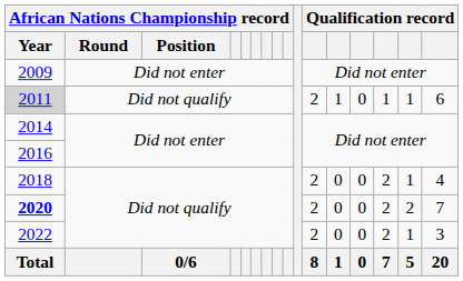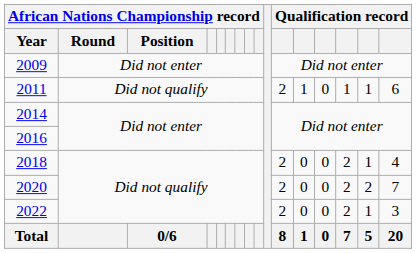 <table class="wikitable" style="text-align: center;">
 <tr>
 <th colspan=9><a href='#'>African Nations Championship</a> record</th>
 <th width="1" rowspan="38"></th>
 <th colspan=6>Qualification record</th>
 </tr>
 <tr>
 <th>Year</th>
 <th>Round</th>
 <th>Position</th>
 <th></th>
 <th></th>
 <th></th>
 <th></th>
 <th></th>
 <th></th>
 <th></th>
 <th></th>
 <th></th>
 <th></th>
 <th></th>
 <th></th>
 </tr>
 <tr>
 <td> <a href='#'>2009</a></td>
 <td colspan=8><em>Did not enter</em></td>
 <td colspan=6><em>Did not enter</em></td>
 </tr>
 <tr>
-<td style="background: lightgrey;"> <a href='#'>2011</a></td>
+<td> <a href='#'>2011</a></td>
 <td colspan=8><em>Did not qualify</em></td>
 <td>2</td>
 <td>1</td>
 <td>0</td>
 <td>1</td>
 <td>1</td>
 <td>6</td>
 </tr>
 <tr>
 <td> <a href='#'>2014</a></td>
 <td colspan=8 rowspan=2><em>Did not enter</em></td>
 <td colspan=6 rowspan=2><em>Did not enter</em></td>
 </tr>
 <tr>
 <td> <a href='#'>2016</a></td>
 </tr>
 <tr>
 <td> <a href='#'>2018</a></td>
 <td colspan=8 rowspan=3><em>Did not qualify</em></td>
 <td>2</td>
 <td>0</td>
 <td>0</td>
 <td>2</td>
 <td>1</td>
 <td>4</td>
 </tr>
 <tr>
-<td><strong> <a href='#'>2020</a></strong></td>
+<td> <a href='#'>2020</a></td>
 <td>2</td>
 <td>0</td>
 <td>0</td>
 <td>2</td>
 <td>2</td>
 <td>7</td>
 </tr>
 <tr>
 <td> <a href='#'>2022</a></td>
 <td>2</td>
 <td>0</td>
 <td>0</td>
 <td>2</td>
 <td>1</td>
 <td>3</td>
 </tr>
 <tr>
 <th>Total</th>
 <th></th>
 <th>0/6</th>
 <th></th>
 <th></th>
 <th></th>
 <th></th>
 <th></th>
 <th></th>
 <th>8</th>
 <th>1</th>
 <th>0</th>
 <th>7</th>
 <th>5</th>
 <th>20</th>
 </tr>
 </table>
